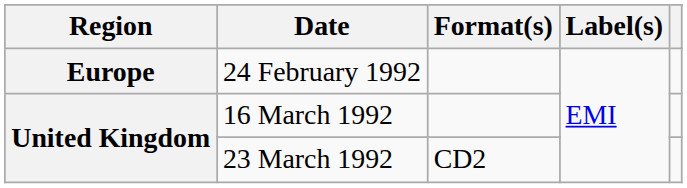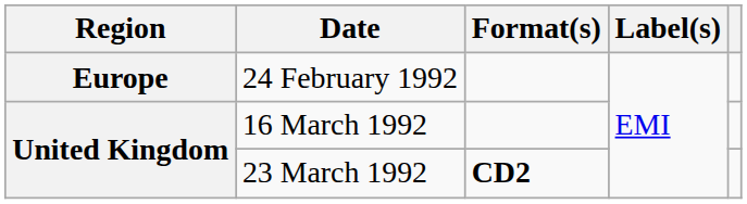 <table class="wikitable plainrowheaders">
 <tr>
 <th scope="col">Region</th>
 <th scope="col">Date</th>
 <th scope="col">Format(s)</th>
 <th scope="col">Label(s)</th>
 <th scope="col"></th>
 </tr>
 <tr>
 <th scope="row">Europe</th>
 <td>24 February 1992</td>
 <td></td>
 <td rowspan="3"><a href='#'>EMI</a></td>
 <td></td>
 </tr>
 <tr>
 <th scope="row" rowspan="2">United Kingdom</th>
 <td>16 March 1992</td>
 <td></td>
 <td></td>
 </tr>
 <tr>
 <td>23 March 1992</td>
-<td>CD2</td>
+<td><strong>CD2</strong></td>
 <td></td>
 </tr>
 </table>
